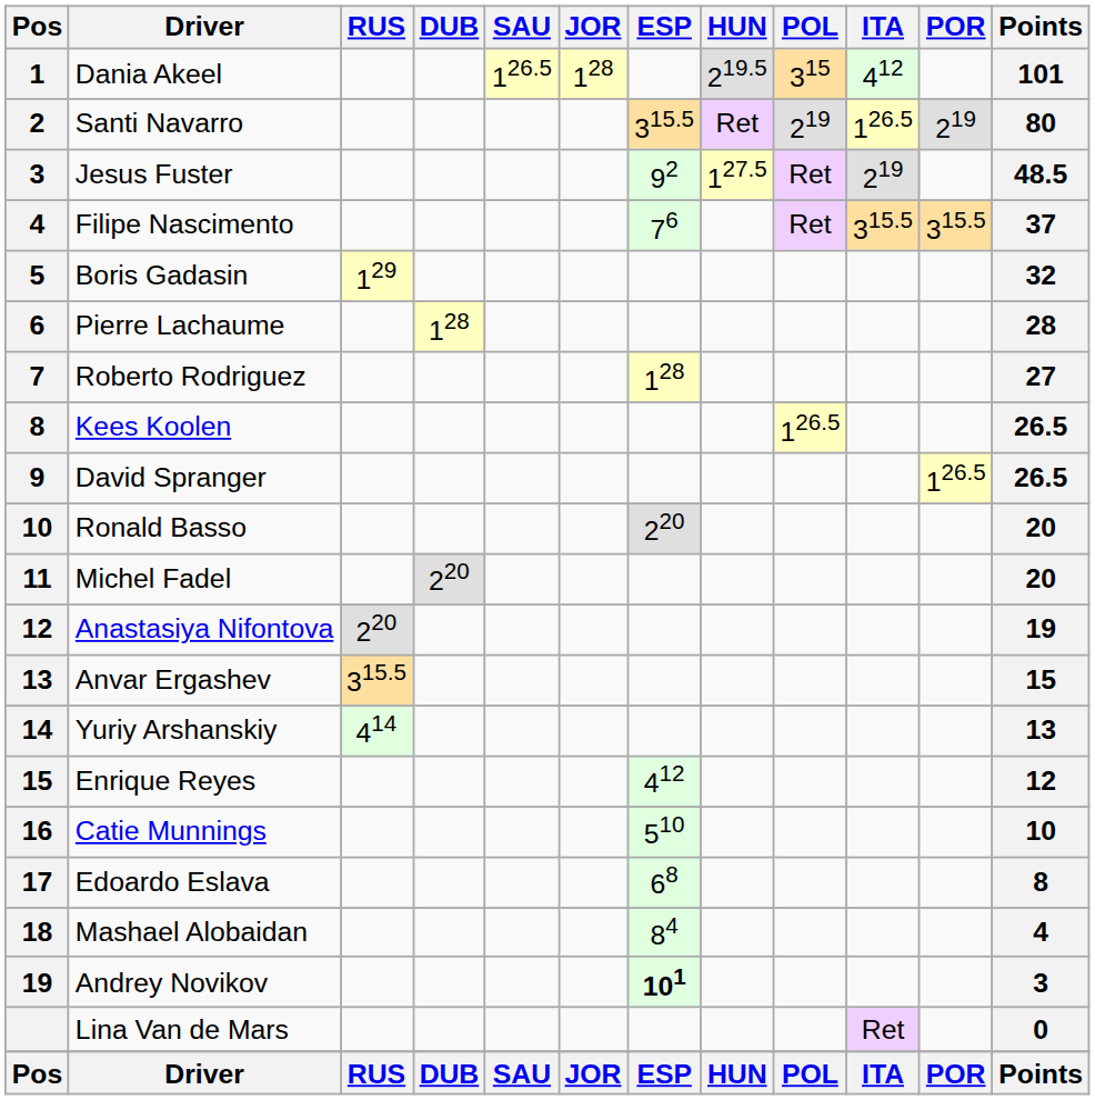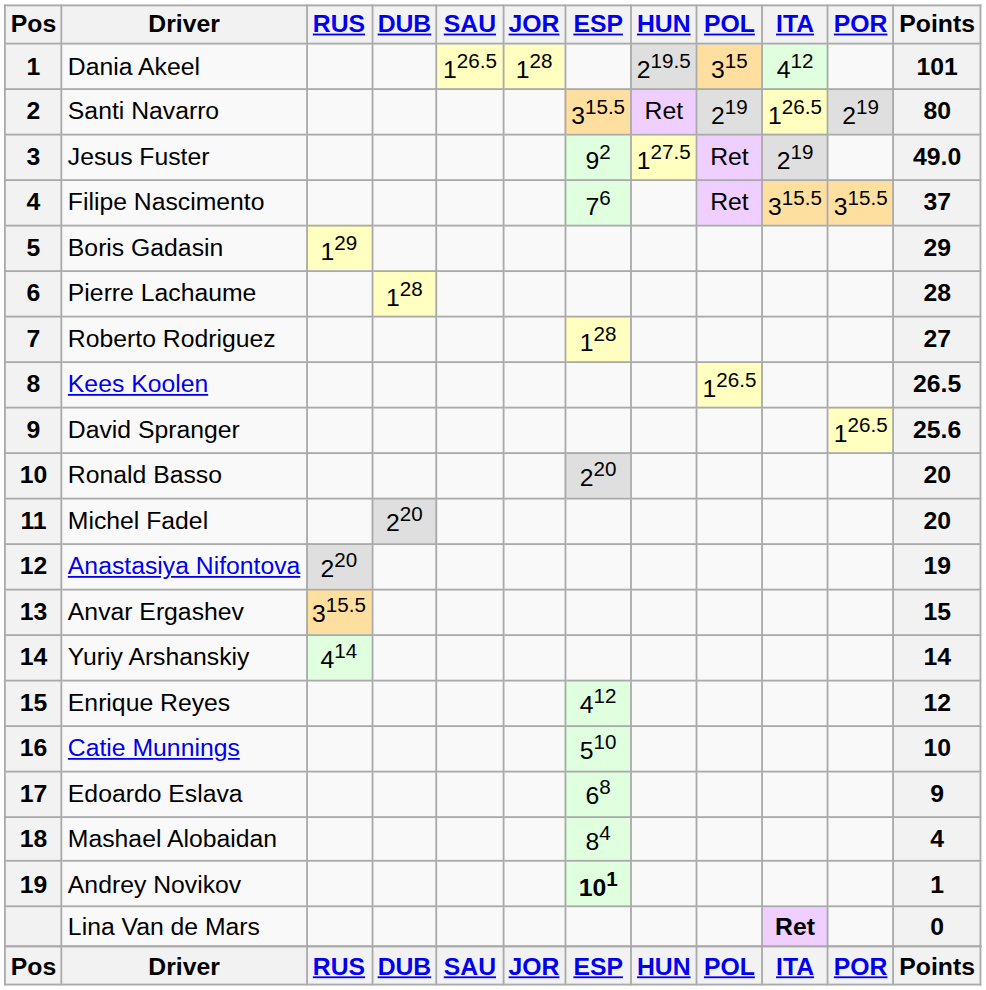 <table class="wikitable" style="font-size: 85%; text-align: center; display: inline-table;">
 <tr valign="top">
 <th valign="middle">Pos</th>
 <th valign="middle">Driver</th>
 <th><a href='#'>RUS</a><br></th>
 <th><a href='#'>DUB</a><br></th>
 <th><a href='#'>SAU</a><br></th>
 <th><a href='#'>JOR</a><br></th>
 <th><a href='#'>ESP</a><br></th>
 <th><a href='#'>HUN</a><br></th>
 <th><a href='#'>POL</a><br></th>
 <th><a href='#'>ITA</a><br></th>
 <th><a href='#'>POR</a><br></th>
 <th valign="middle">Points</th>
 </tr>
 <tr>
 <th>1</th>
 <td align=left> Dania Akeel</td>
 <td></td>
 <td></td>
 <td style="background:#ffffbf;">1<sup>26.5</sup></td>
 <td style="background:#ffffbf;">1<sup>28</sup></td>
 <td></td>
 <td style="background:#dfdfdf;">2<sup>19.5</sup></td>
 <td style="background:#ffdf9f;">3<sup>15</sup></td>
 <td style="background:#dfffdf;">4<sup>12</sup></td>
 <td></td>
 <th>101</th>
 </tr>
 <tr>
 <th>2</th>
 <td align=left> Santi Navarro</td>
 <td></td>
 <td></td>
 <td></td>
 <td></td>
 <td style="background:#ffdf9f;">3<sup>15.5</sup></td>
 <td style="background:#efcfff;">Ret</td>
 <td style="background:#dfdfdf;">2<sup>19</sup></td>
 <td style="background:#ffffbf;">1<sup>26.5</sup></td>
 <td style="background:#dfdfdf;">2<sup>19</sup></td>
 <th>80</th>
 </tr>
 <tr>
 <th>3</th>
 <td align=left> Jesus Fuster</td>
 <td></td>
 <td></td>
 <td></td>
 <td></td>
 <td style="background:#dfffdf;">9<sup>2</sup></td>
 <td style="background:#ffffbf;">1<sup>27.5</sup></td>
 <td style="background:#efcfff;">Ret</td>
 <td style="background:#dfdfdf;">2<sup>19</sup></td>
 <td></td>
-<th>48.5</th>
+<th>49.0</th>
 </tr>
 <tr>
 <th>4</th>
 <td align=left> Filipe Nascimento</td>
 <td></td>
 <td></td>
 <td></td>
 <td></td>
 <td style="background:#dfffdf;">7<sup>6</sup></td>
 <td></td>
 <td style="background:#efcfff;">Ret</td>
 <td style="background:#ffdf9f;">3<sup>15.5</sup></td>
 <td style="background:#ffdf9f;">3<sup>15.5</sup></td>
 <th>37</th>
 </tr>
 <tr>
 <th>5</th>
 <td align=left> Boris Gadasin</td>
 <td style="background:#ffffbf;">1<sup>29</sup></td>
 <td></td>
 <td></td>
 <td></td>
 <td></td>
 <td></td>
 <td></td>
 <td></td>
 <td></td>
-<th>32</th>
+<th>29</th>
 </tr>
 <tr>
 <th>6</th>
 <td align=left> Pierre Lachaume</td>
 <td></td>
 <td style="background:#ffffbf;">1<sup>28</sup></td>
 <td></td>
 <td></td>
 <td></td>
 <td></td>
 <td></td>
 <td></td>
 <td></td>
 <th>28</th>
 </tr>
 <tr>
 <th>7</th>
 <td align=left> Roberto Rodriguez</td>
 <td></td>
 <td></td>
 <td></td>
 <td></td>
 <td style="background:#ffffbf;">1<sup>28</sup></td>
 <td></td>
 <td></td>
 <td></td>
 <td></td>
 <th>27</th>
 </tr>
 <tr>
 <th>8</th>
 <td align=left> <a href='#'>Kees Koolen</a></td>
 <td></td>
 <td></td>
 <td></td>
 <td></td>
 <td></td>
 <td></td>
 <td style="background:#ffffbf;">1<sup>26.5</sup></td>
 <td></td>
 <td></td>
 <th>26.5</th>
 </tr>
 <tr>
 <th>9</th>
 <td align=left> David Spranger</td>
 <td></td>
 <td></td>
 <td></td>
 <td></td>
 <td></td>
 <td></td>
 <td></td>
 <td></td>
 <td style="background:#ffffbf;">1<sup>26.5</sup></td>
-<th>26.5</th>
+<th>25.6</th>
 </tr>
 <tr>
 <th>10</th>
 <td align=left> Ronald Basso</td>
 <td></td>
 <td></td>
 <td></td>
 <td></td>
 <td style="background:#dfdfdf;">2<sup>20</sup></td>
 <td></td>
 <td></td>
 <td></td>
 <td></td>
 <th>20</th>
 </tr>
 <tr>
 <th>11</th>
 <td align=left> Michel Fadel</td>
 <td></td>
 <td style="background:#dfdfdf;">2<sup>20</sup></td>
 <td></td>
 <td></td>
 <td></td>
 <td></td>
 <td></td>
 <td></td>
 <td></td>
 <th>20</th>
 </tr>
 <tr>
 <th>12</th>
 <td align=left> <a href='#'>Anastasiya Nifontova</a></td>
 <td style="background:#dfdfdf;">2<sup>20</sup></td>
 <td></td>
 <td></td>
 <td></td>
 <td></td>
 <td></td>
 <td></td>
 <td></td>
 <td></td>
 <th>19</th>
 </tr>
 <tr>
 <th>13</th>
 <td align=left> Anvar Ergashev</td>
 <td style="background:#ffdf9f;">3<sup>15.5</sup></td>
 <td></td>
 <td></td>
 <td></td>
 <td></td>
 <td></td>
 <td></td>
 <td></td>
 <td></td>
 <th>15</th>
 </tr>
 <tr>
 <th>14</th>
 <td align=left> Yuriy Arshanskiy</td>
 <td style="background:#dfffdf;">4<sup>14</sup></td>
 <td></td>
 <td></td>
 <td></td>
 <td></td>
 <td></td>
 <td></td>
 <td></td>
 <td></td>
-<th>13</th>
+<th>14</th>
 </tr>
 <tr>
 <th>15</th>
 <td align=left> Enrique Reyes</td>
 <td></td>
 <td></td>
 <td></td>
 <td></td>
 <td style="background:#dfffdf;">4<sup>12</sup></td>
 <td></td>
 <td></td>
 <td></td>
 <td></td>
 <th>12</th>
 </tr>
 <tr>
 <th>16</th>
 <td align=left> <a href='#'>Catie Munnings</a></td>
 <td></td>
 <td></td>
 <td></td>
 <td></td>
 <td style="background:#dfffdf;">5<sup>10</sup></td>
 <td></td>
 <td></td>
 <td></td>
 <td></td>
 <th>10</th>
 </tr>
 <tr>
 <th>17</th>
 <td align=left> Edoardo Eslava</td>
 <td></td>
 <td></td>
 <td></td>
 <td></td>
 <td style="background:#dfffdf;">6<sup>8</sup></td>
 <td></td>
 <td></td>
 <td></td>
 <td></td>
-<th>8</th>
+<th>9</th>
 </tr>
 <tr>
 <th>18</th>
 <td align=left> Mashael Alobaidan</td>
 <td></td>
 <td></td>
 <td></td>
 <td></td>
 <td style="background:#dfffdf;">8<sup>4</sup></td>
 <td></td>
 <td></td>
 <td></td>
 <td></td>
 <th>4</th>
 </tr>
 <tr>
 <th>19</th>
 <td align=left> Andrey Novikov</td>
 <td></td>
 <td></td>
 <td></td>
 <td></td>
 <td style="background:#dfffdf;"><strong>10<sup>1</sup></strong></td>
 <td></td>
 <td></td>
 <td></td>
 <td></td>
-<th>3</th>
+<th>1</th>
 </tr>
 <tr>
 <th></th>
 <td align=left> Lina Van de Mars</td>
 <td></td>
 <td></td>
 <td></td>
 <td></td>
 <td></td>
 <td></td>
 <td></td>
-<td style="background:#efcfff;">Ret</td>
+<td style="background:#efcfff;"><strong>Ret</strong></td>
 <td></td>
 <th>0</th>
 </tr>
 <tr>
 </tr>
 <tr valign="top">
 <th valign="middle">Pos</th>
 <th valign="middle">Driver</th>
 <th><a href='#'>RUS</a><br></th>
 <th><a href='#'>DUB</a><br></th>
 <th><a href='#'>SAU</a><br></th>
 <th><a href='#'>JOR</a><br></th>
 <th><a href='#'>ESP</a><br></th>
 <th><a href='#'>HUN</a><br></th>
 <th><a href='#'>POL</a><br></th>
 <th><a href='#'>ITA</a><br></th>
 <th><a href='#'>POR</a><br></th>
 <th valign="middle">Points</th>
 </tr>
 </table>
